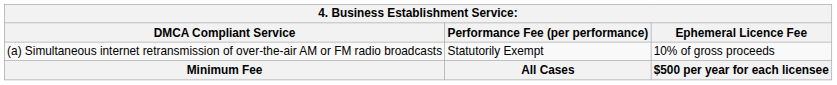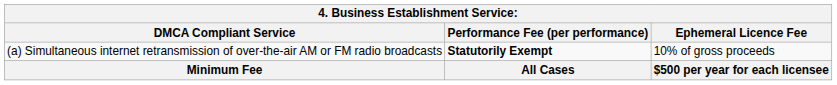 <table class="wikitable">
 <tr>
 <th colspan="3">4. <strong>Business Establishment Service</strong>:</th>
 </tr>
 <tr>
 <th>DMCA Compliant Service</th>
 <th>Performance Fee (per performance)</th>
 <th>Ephemeral Licence Fee</th>
 </tr>
 <tr>
 <td>(a) Simultaneous internet retransmission of over-the-air AM or FM radio broadcasts</td>
-<td>Statutorily Exempt</td>
+<td><strong>Statutorily Exempt</strong></td>
 <td>10% of gross proceeds</td>
 </tr>
 <tr>
 <th>Minimum Fee</th>
 <th>All Cases</th>
 <th>$500 per year for each licensee</th>
 </tr>
 </table>
